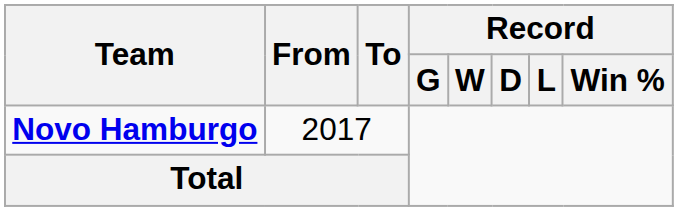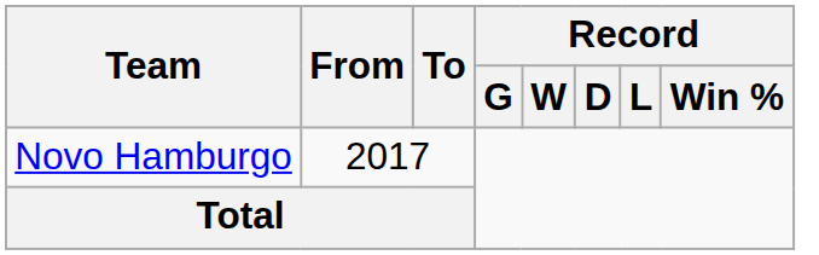 <table class="wikitable" style="text-align: center">
 <tr>
 <th rowspan="2">Team</th>
 <th rowspan="2">From</th>
 <th rowspan="2">To</th>
 <th colspan="5">Record</th>
 </tr>
 <tr>
 <th>G</th>
 <th>W</th>
 <th>D</th>
 <th>L</th>
 <th>Win %</th>
 </tr>
 <tr>
-<td align="left"><strong><a href='#'>Novo Hamburgo</a></strong></td>
+<td align="left"><a href='#'>Novo Hamburgo</a></td>
 <td colspan="2" align="center">2017<br></td>
 </tr>
 <tr>
 <th colspan="3">Total<br></th>
 </tr>
 </table>
